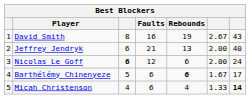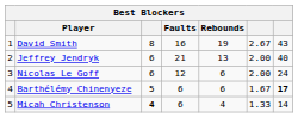 <table class="wikitable sortable" style=font-size:90%>
 <tr>
 <th colspan=7>Best Blockers</th>
 </tr>
 <tr>
 <th></th>
 <th width=158>Player</th>
 <th width=20></th>
 <th width=20>Faults</th>
 <th width=20>Rebounds</th>
 <th width=20></th>
 <th width=20></th>
 </tr>
 <tr>
 <td>1</td>
 <td> <a href='#'>David Smith</a></td>
 <td align=center>8</td>
 <td align=center>16</td>
 <td align=center>19</td>
 <td align=center>2.67</td>
 <td align=center>43</td>
 </tr>
 <tr>
 <td>2</td>
 <td> <a href='#'>Jeffrey Jendryk</a></td>
 <td align=center>6</td>
 <td align=center>21</td>
 <td align=center>13</td>
 <td align=center>2.00</td>
 <td align=center>40</td>
 </tr>
 <tr>
 <td>3</td>
 <td> <a href='#'>Nicolas Le Goff</a></td>
-<td align=center><strong>6</strong></td>
+<td align=center>6</td>
 <td align=center>12</td>
 <td align=center>6</td>
 <td align=center>2.00</td>
 <td align=center>24</td>
 </tr>
 <tr>
 <td>4</td>
 <td> <a href='#'>Barthélémy Chinenyeze</a></td>
 <td align=center>5</td>
 <td align=center>6</td>
-<td align=center><strong>6</strong></td>
+<td align=center>6</td>
 <td align=center>1.67</td>
-<td align=center>17</td>
+<td align=center><strong>17</strong></td>
 </tr>
 <tr>
 <td>5</td>
 <td> <a href='#'>Micah Christenson</a></td>
-<td align=center>4</td>
+<td align=center><strong>4</strong></td>
 <td align=center>6</td>
 <td align=center>4</td>
 <td align=center>1.33</td>
-<td align=center><strong>14</strong></td>
+<td align=center>14</td>
 </tr>
 </table>
